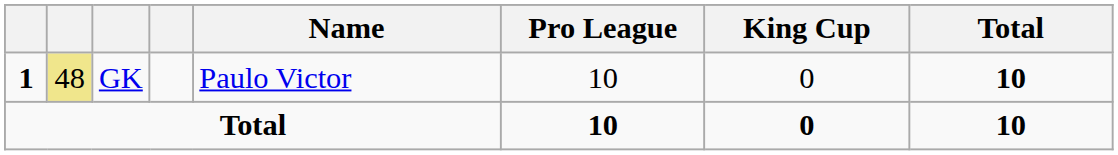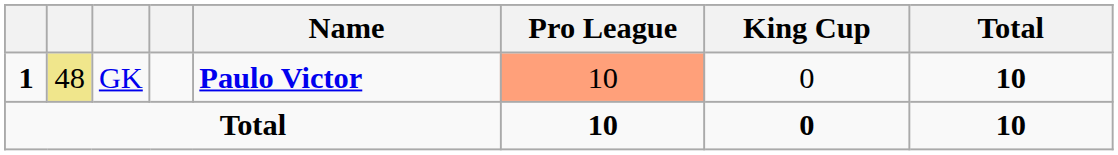 <table class="wikitable" style="text-align:center">
 <tr>
 <th width=15></th>
 <th width=15></th>
 <th width=15></th>
 <th width=15></th>
 <th width=155>Name</th>
 <th width=100>Pro League</th>
 <th width=100>King Cup</th>
 <th width=100>Total</th>
 </tr>
 <tr>
 <td><strong>1</strong></td>
 <td style="background: khaki;">48</td>
 <td><a href='#'>GK</a></td>
 <td></td>
-<td align=left><a href='#'>Paulo Victor</a></td>
-<td>10</td>
+<td align=left><strong><a href='#'>Paulo Victor</a></strong></td>
+<td style="background: lightsalmon;">10</td>
 <td>0</td>
 <td><strong>10</strong></td>
 </tr>
 <tr>
 <td colspan=5><strong>Total</strong></td>
 <td><strong>10</strong></td>
 <td><strong>0</strong></td>
 <td><strong>10</strong></td>
 </tr>
 </table>
